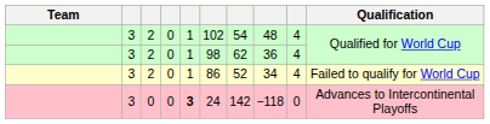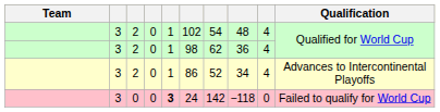 <table class="wikitable" style="text-align:center">
 <tr style="background:#bdb76b;">
 <th style="width:170px">Team</th>
 <th width="20"></th>
 <th width="20"></th>
 <th width="20"></th>
 <th width="20"></th>
 <th width="20"></th>
 <th width="20"></th>
 <th width="20"></th>
 <th width="20"></th>
 <th width="250">Qualification</th>
 </tr>
 <tr style="background:#cfc;">
 <td style="text-align:left;"></td>
 <td>3</td>
 <td>2</td>
 <td>0</td>
 <td>1</td>
 <td>102</td>
 <td>54</td>
 <td>48</td>
 <td>4</td>
 <td rowspan="2">Qualified for <a href='#'>World Cup</a></td>
 </tr>
 <tr style="background:#cfc;">
 <td style="text-align:left;"></td>
 <td>3</td>
 <td>2</td>
 <td>0</td>
 <td>1</td>
 <td>98</td>
 <td>62</td>
 <td>36</td>
 <td>4</td>
 </tr>
 <tr style="background:#ffc">
 <td style="text-align:left;"></td>
 <td>3</td>
 <td>2</td>
 <td>0</td>
 <td>1</td>
 <td>86</td>
 <td>52</td>
 <td>34</td>
 <td>4</td>
-<td>Failed to qualify for <a href='#'>World Cup</a></td>
+<td>Advances to Intercontinental Playoffs</td>
 </tr>
 <tr style="background:#FFC0CB;">
 <td style="text-align:left;"></td>
 <td>3</td>
 <td>0</td>
 <td>0</td>
 <td><strong>3</strong></td>
 <td>24</td>
 <td>142</td>
 <td>−118</td>
 <td>0</td>
-<td>Advances to Intercontinental Playoffs</td>
+<td>Failed to qualify for <a href='#'>World Cup</a></td>
 </tr>
 </table>
